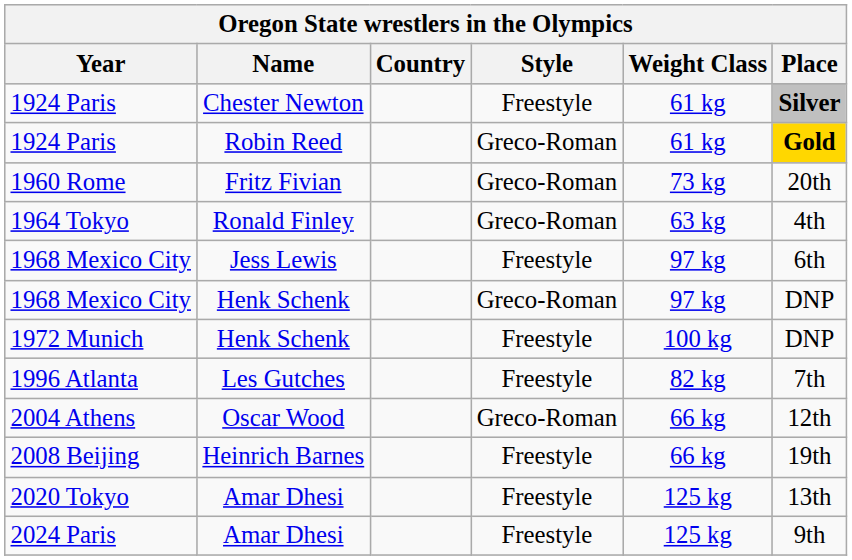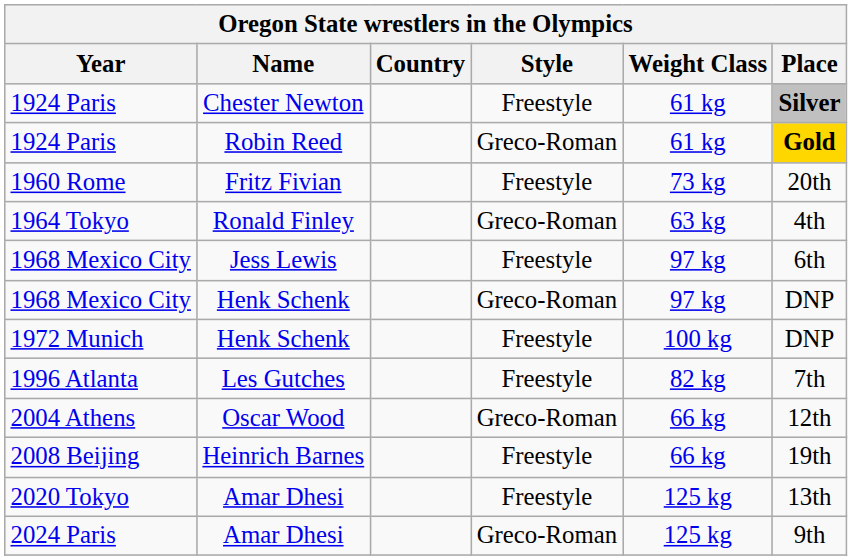 <table class="wikitable">
 <tr>
 <th colspan="6">Oregon State wrestlers in the Olympics</th>
 </tr>
 <tr>
 <th scope="col">Year</th>
 <th scope="col">Name</th>
 <th scope="col">Country</th>
 <th scope="col">Style</th>
 <th scope="col">Weight Class</th>
 <th scope="col">Place</th>
 </tr>
 <tr>
 <td><a href='#'>1924 Paris</a></td>
 <td style="text-align: center;"><a href='#'>Chester Newton</a></td>
 <td style="text-align: center;"></td>
 <td style="text-align: center;">Freestyle</td>
 <td style="text-align: center;"><a href='#'>61 kg</a></td>
 <td style="text-align: center; background:  silver;"><strong>Silver</strong></td>
 </tr>
 <tr>
 <td><a href='#'>1924 Paris</a></td>
 <td style="text-align: center;"><a href='#'>Robin Reed</a></td>
 <td style="text-align: center;"></td>
 <td style="text-align: center;">Greco-Roman</td>
 <td style="text-align: center;"><a href='#'>61 kg</a></td>
 <td style="text-align: center; background:  gold;"><strong>Gold</strong></td>
 </tr>
 <tr>
 <td><a href='#'>1960 Rome</a></td>
 <td style="text-align: center;"><a href='#'>Fritz Fivian</a></td>
 <td style="text-align: center;"></td>
-<td style="text-align: center;">Greco-Roman</td>
+<td style="text-align: center;">Freestyle</td>
 <td style="text-align: center;"><a href='#'>73 kg</a></td>
 <td style="text-align: center;">20th</td>
 </tr>
 <tr>
 <td><a href='#'>1964 Tokyo</a></td>
 <td style="text-align: center;"><a href='#'>Ronald Finley</a></td>
 <td style="text-align: center;"></td>
 <td style="text-align: center;">Greco-Roman</td>
 <td style="text-align: center;"><a href='#'>63 kg</a></td>
 <td style="text-align: center;">4th</td>
 </tr>
 <tr>
 <td><a href='#'>1968 Mexico City</a></td>
 <td style="text-align: center;"><a href='#'>Jess Lewis</a></td>
 <td style="text-align: center;"></td>
 <td style="text-align: center;">Freestyle</td>
 <td style="text-align: center;"><a href='#'>97 kg</a></td>
 <td style="text-align: center;">6th</td>
 </tr>
 <tr>
 <td><a href='#'>1968 Mexico City</a></td>
 <td style="text-align: center;"><a href='#'>Henk Schenk</a></td>
 <td style="text-align: center;"></td>
 <td style="text-align: center;">Greco-Roman</td>
 <td style="text-align: center;"><a href='#'>97 kg</a></td>
 <td style="text-align: center;">DNP</td>
 </tr>
 <tr>
 <td><a href='#'>1972 Munich</a></td>
 <td style="text-align: center;"><a href='#'>Henk Schenk</a></td>
 <td style="text-align: center;"></td>
 <td style="text-align: center;">Freestyle</td>
 <td style="text-align: center;"><a href='#'>100 kg</a></td>
 <td style="text-align: center;">DNP</td>
 </tr>
 <tr>
 <td><a href='#'>1996 Atlanta</a></td>
 <td style="text-align: center;"><a href='#'>Les Gutches</a></td>
 <td style="text-align: center;"></td>
 <td style="text-align: center;">Freestyle</td>
 <td style="text-align: center;"><a href='#'>82 kg</a></td>
 <td style="text-align: center;">7th</td>
 </tr>
 <tr>
 <td><a href='#'>2004 Athens</a></td>
 <td style="text-align: center;"><a href='#'>Oscar Wood</a></td>
 <td style="text-align: center;"></td>
 <td style="text-align: center;">Greco-Roman</td>
 <td style="text-align: center;"><a href='#'>66 kg</a></td>
 <td style="text-align: center;">12th</td>
 </tr>
 <tr>
 <td><a href='#'>2008 Beijing</a></td>
 <td style="text-align: center;"><a href='#'>Heinrich Barnes</a></td>
 <td style="text-align: center;"></td>
 <td style="text-align: center;">Freestyle</td>
 <td style="text-align: center;"><a href='#'>66 kg</a></td>
 <td style="text-align: center;">19th</td>
 </tr>
 <tr>
 <td><a href='#'>2020 Tokyo</a></td>
 <td style="text-align: center;"><a href='#'>Amar Dhesi</a></td>
 <td style="text-align: center;"></td>
 <td style="text-align: center;">Freestyle</td>
 <td style="text-align: center;"><a href='#'>125 kg</a></td>
 <td style="text-align: center;">13th</td>
 </tr>
 <tr>
 <td><a href='#'>2024 Paris</a></td>
 <td style="text-align: center;"><a href='#'>Amar Dhesi</a></td>
 <td style="text-align: center;"></td>
-<td style="text-align: center;">Freestyle</td>
+<td style="text-align: center;">Greco-Roman</td>
 <td style="text-align: center;"><a href='#'>125 kg</a></td>
 <td style="text-align: center;">9th</td>
 </tr>
 </table>
